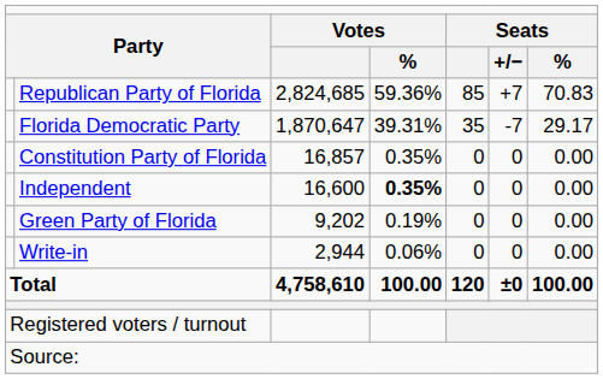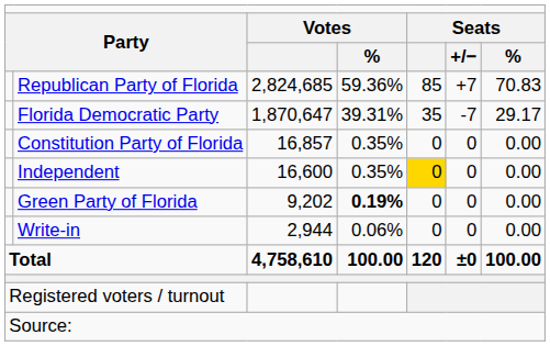 <table class="wikitable">
 <tr>
 <td colspan="7"></td>
 </tr>
 <tr>
 <th colspan="2" rowspan="2">Party</th>
 <th colspan="2">Votes</th>
 <th colspan="3">Seats</th>
 </tr>
 <tr>
 <th></th>
 <th>%</th>
 <th></th>
 <th>+/−</th>
 <th>%</th>
 </tr>
 <tr>
 <td style="background-color:"></td>
 <td><a href='#'>Republican Party of Florida</a></td>
 <td align="right">2,824,685</td>
 <td align="right">59.36%</td>
 <td align="right">85</td>
 <td align="right">+7</td>
 <td align="right">70.83</td>
 </tr>
 <tr>
 <td style="background-color:"></td>
 <td><a href='#'>Florida Democratic Party</a></td>
 <td align="right">1,870,647</td>
 <td align="right">39.31%</td>
 <td align="right">35</td>
 <td align="right">-7</td>
 <td align="right">29.17</td>
 </tr>
 <tr>
 <td style="background-color:"></td>
 <td><a href='#'>Constitution Party of Florida</a></td>
 <td align="right">16,857</td>
 <td align="right">0.35%</td>
 <td align="right">0</td>
 <td align="right">0</td>
 <td align="right">0.00</td>
 </tr>
 <tr>
 <td style="background-color:"></td>
 <td><a href='#'>Independent</a></td>
 <td align="right">16,600</td>
-<td align="right"><strong>0.35%</strong></td>
-<td align="right">0</td>
+<td align="right">0.35%</td>
+<td align="right" style="background: gold;">0</td>
 <td align="right">0</td>
 <td align="right">0.00</td>
 </tr>
 <tr>
 <td style="background-color:"></td>
 <td><a href='#'>Green Party of Florida</a></td>
 <td align="right">9,202</td>
-<td align="right">0.19%</td>
+<td align="right"><strong>0.19%</strong></td>
 <td align="right">0</td>
 <td align="right">0</td>
 <td align="right">0.00</td>
 </tr>
 <tr>
 <td style="background-color:"></td>
 <td><a href='#'>Write-in</a></td>
 <td align="right">2,944</td>
 <td align="right">0.06%</td>
 <td align="right">0</td>
 <td align="right">0</td>
 <td align="right">0.00</td>
 </tr>
 <tr>
 <td colspan="2"><strong>Total</strong></td>
 <td align="right"><strong>4,758,610 </strong></td>
 <td align="right"><strong>100.00</strong></td>
 <td align="right"><strong>120</strong></td>
 <td align="right"><strong>±0</strong></td>
 <td align="right"><strong>100.00</strong></td>
 </tr>
 <tr>
 <th colspan="7"></th>
 </tr>
 <tr>
 <td colspan="2">Registered voters / turnout</td>
 <td align="right"></td>
 <td align="right"></td>
 <th colspan="3"></th>
 </tr>
 <tr>
 <td colspan="7">Source: <em></em></td>
 </tr>
 </table>
